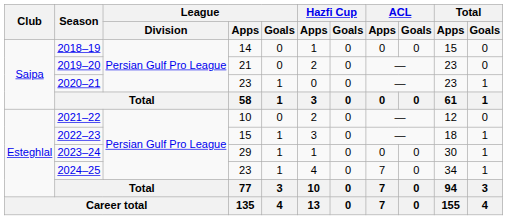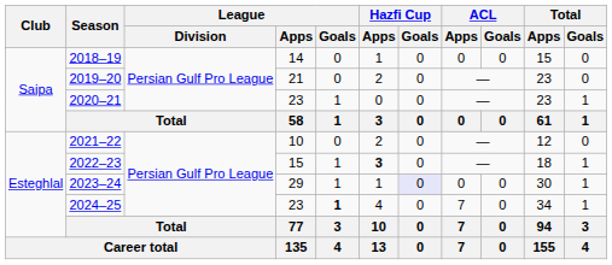 <table class="wikitable" style="text-align: center;">
 <tr>
 <th rowspan="2">Club</th>
 <th rowspan="2">Season</th>
 <th colspan="3">League</th>
 <th colspan="2"><a href='#'>Hazfi Cup</a></th>
 <th colspan="2"><a href='#'>ACL</a></th>
 <th colspan="2">Total</th>
 </tr>
 <tr>
 <th>Division</th>
 <th>Apps</th>
 <th>Goals</th>
 <th>Apps</th>
 <th>Goals</th>
 <th>Apps</th>
 <th>Goals</th>
 <th>Apps</th>
 <th>Goals</th>
 </tr>
 <tr>
 <td rowspan="4"><a href='#'>Saipa</a></td>
 <td><a href='#'>2018–19</a></td>
 <td rowspan="3"><a href='#'>Persian Gulf Pro League</a></td>
 <td>14</td>
 <td>0</td>
 <td>1</td>
 <td>0</td>
 <td>0</td>
 <td>0</td>
 <td>15</td>
 <td>0</td>
 </tr>
 <tr>
 <td><a href='#'>2019–20</a></td>
 <td>21</td>
 <td>0</td>
 <td>2</td>
 <td>0</td>
 <td colspan="2">—</td>
 <td>23</td>
 <td>0</td>
 </tr>
 <tr>
 <td><a href='#'>2020–21</a></td>
 <td>23</td>
 <td>1</td>
 <td>0</td>
 <td>0</td>
 <td colspan="2">—</td>
 <td>23</td>
 <td>1</td>
 </tr>
 <tr>
 <th colspan=2>Total</th>
 <th>58</th>
 <th>1</th>
 <th>3</th>
 <th>0</th>
 <th>0</th>
 <th>0</th>
 <th>61</th>
 <th>1</th>
 </tr>
 <tr>
 <td rowspan="5"><a href='#'>Esteghlal</a></td>
 <td><a href='#'>2021–22</a></td>
 <td rowspan="4"><a href='#'>Persian Gulf Pro League</a></td>
 <td>10</td>
 <td>0</td>
 <td>2</td>
 <td>0</td>
 <td colspan="2">—</td>
 <td>12</td>
 <td>0</td>
 </tr>
 <tr>
 <td><a href='#'>2022–23</a></td>
 <td>15</td>
 <td>1</td>
-<td>3</td>
+<td><strong>3</strong></td>
 <td>0</td>
 <td colspan="2">—</td>
 <td>18</td>
 <td>1</td>
 </tr>
 <tr>
 <td><a href='#'>2023–24</a></td>
 <td>29</td>
 <td>1</td>
 <td>1</td>
-<td>0</td>
+<td style="background: lavender;">0</td>
 <td>0</td>
 <td>0</td>
 <td>30</td>
 <td>1</td>
 </tr>
 <tr>
 <td><a href='#'>2024–25</a></td>
 <td>23</td>
-<td>1</td>
+<td><strong>1</strong></td>
 <td>4</td>
 <td>0</td>
 <td>7</td>
 <td>0</td>
 <td>34</td>
 <td>1</td>
 </tr>
 <tr>
 <th colspan=2>Total</th>
 <th>77</th>
 <th>3</th>
 <th>10</th>
 <th>0</th>
 <th>7</th>
 <th>0</th>
 <th>94</th>
 <th>3</th>
 </tr>
 <tr>
 <th colspan=3>Career total</th>
 <th>135</th>
 <th>4</th>
 <th>13</th>
 <th>0</th>
 <th>7</th>
 <th>0</th>
 <th>155</th>
 <th>4</th>
 </tr>
 </table>
